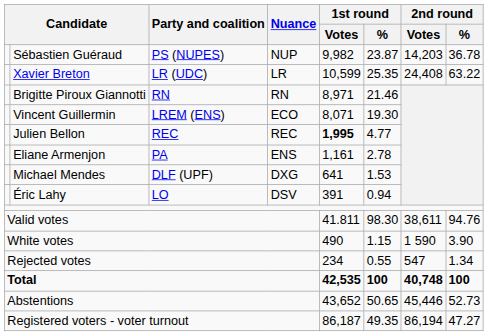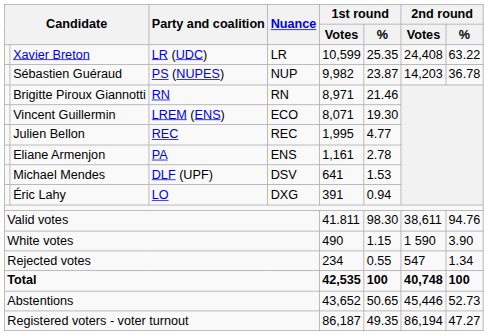 <table class="wikitable">
 <tr>
 <th colspan="2" rowspan="2">Candidate</th>
 <th rowspan="2">Party and coalition</th>
 <th rowspan="2"><a href='#'>Nuance</a></th>
 <th colspan="2">1st round</th>
 <th colspan="2">2nd round</th>
 </tr>
 <tr>
 <th>Votes</th>
 <th>%</th>
 <th>Votes</th>
 <th>%</th>
 </tr>
 <tr>
 <td style="background:"></td>
+<td><a href='#'>Xavier Breton</a></td>
+<td><a href='#'>LR</a> (<a href='#'>UDC</a>)</td>
+<td><abbr>LR</abbr></td>
+<td>10,599</td>
+<td>25.35</td>
+<td>24,408</td>
+<td>63.22</td>
+</tr>
+<tr>
+<td style="background:"></td>
 <td>Sébastien Guéraud</td>
 <td><a href='#'>PS</a> (<a href='#'>NUPES</a>)</td>
 <td><abbr>NUP</abbr></td>
 <td>9,982</td>
 <td>23.87</td>
 <td>14,203</td>
 <td>36.78</td>
-</tr>
-<tr>
-<td style="background:"></td>
-<td><a href='#'>Xavier Breton</a></td>
-<td><a href='#'>LR</a> (<a href='#'>UDC</a>)</td>
-<td><abbr>LR</abbr></td>
-<td>10,599</td>
-<td>25.35</td>
-<td>24,408</td>
-<td>63.22</td>
 </tr>
 <tr>
 <td style="background:"></td>
 <td>Brigitte Piroux Giannotti</td>
 <td><a href='#'>RN</a></td>
 <td><abbr>RN</abbr></td>
 <td>8,971</td>
 <td>21.46</td>
 <th colspan="2" rowspan="6"></th>
 </tr>
 <tr>
 <td style="background:"></td>
 <td>Vincent Guillermin</td>
 <td><a href='#'>LREM</a> (<a href='#'>ENS</a>)</td>
 <td><abbr>ECO</abbr></td>
 <td>8,071</td>
 <td>19.30</td>
 </tr>
 <tr>
 <td style="background:"></td>
 <td>Julien Bellon</td>
 <td><a href='#'>REC</a></td>
 <td><abbr>REC</abbr></td>
-<td><strong>1,995</strong></td>
+<td>1,995</td>
 <td>4.77</td>
 </tr>
 <tr>
 <td style="background:"></td>
 <td>Eliane Armenjon</td>
 <td><a href='#'>PA</a></td>
 <td><abbr>ENS</abbr></td>
 <td>1,161</td>
 <td>2.78</td>
 </tr>
 <tr>
 <td style="background:"></td>
 <td>Michael Mendes</td>
 <td><a href='#'>DLF</a> (<abbr>UPF</abbr>)</td>
-<td><abbr>DXG</abbr></td>
+<td><abbr>DSV</abbr></td>
 <td>641</td>
 <td>1.53</td>
 </tr>
 <tr>
 <td style="background:"></td>
 <td>Éric Lahy</td>
 <td><a href='#'>LO</a></td>
-<td><abbr>DSV</abbr></td>
+<td><abbr>DXG</abbr></td>
 <td>391</td>
 <td>0.94</td>
 </tr>
 <tr>
 <td colspan="8"></td>
 </tr>
 <tr>
 <td colspan="4">Valid votes</td>
 <td>41.811</td>
 <td>98.30</td>
 <td>38,611</td>
 <td>94.76</td>
 </tr>
 <tr>
 <td colspan="4">White votes</td>
 <td>490</td>
 <td>1.15</td>
 <td>1 590</td>
 <td>3.90</td>
 </tr>
 <tr>
 <td colspan="4">Rejected votes</td>
 <td>234</td>
 <td>0.55</td>
 <td>547</td>
 <td>1.34</td>
 </tr>
 <tr>
 <td colspan="4"><strong>Total</strong></td>
 <td><strong>42,535</strong></td>
 <td><strong>100</strong></td>
 <td><strong>40,748</strong></td>
 <td><strong>100</strong></td>
 </tr>
 <tr>
 <td colspan="4">Abstentions</td>
 <td>43,652</td>
 <td>50.65</td>
 <td>45,446</td>
 <td>52.73</td>
 </tr>
 <tr>
 <td colspan="4">Registered voters - voter turnout</td>
 <td>86,187</td>
 <td>49.35</td>
 <td>86,194</td>
 <td>47.27</td>
 </tr>
 </table>
